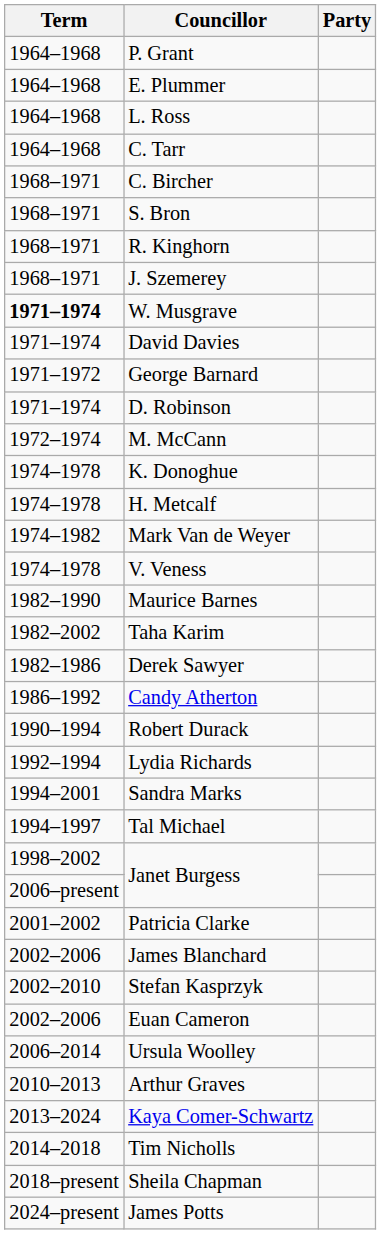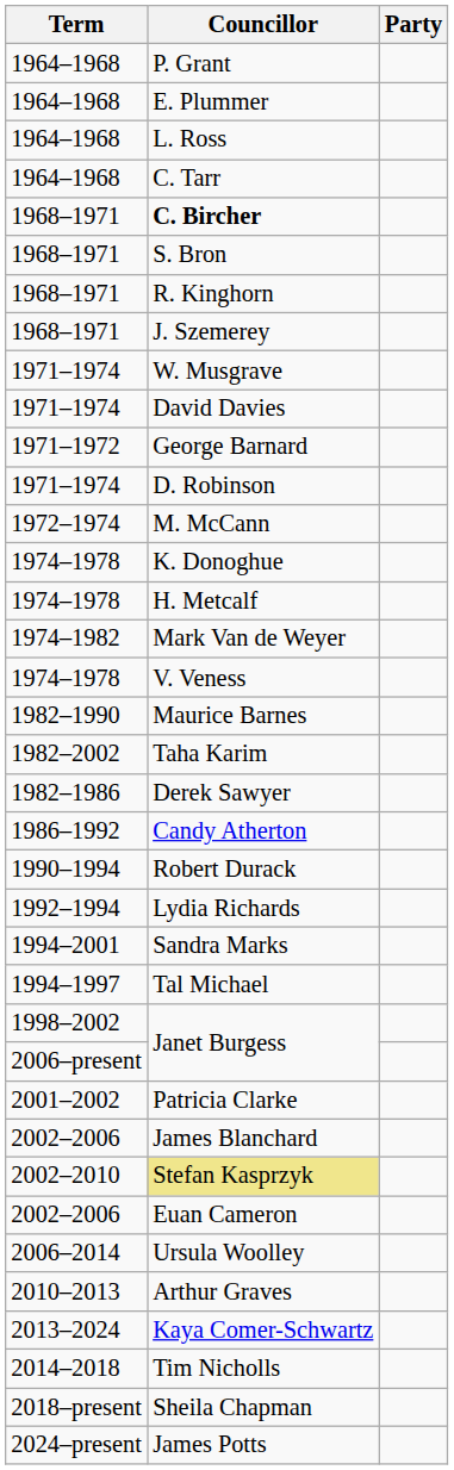 <table class="wikitable">
 <tr>
 <th>Term</th>
 <th>Councillor</th>
 <th colspan=2>Party</th>
 </tr>
 <tr>
 <td>1964–1968</td>
 <td>P. Grant</td>
 <td></td>
 </tr>
 <tr>
 <td>1964–1968</td>
 <td>E. Plummer</td>
 <td></td>
 </tr>
 <tr>
 <td>1964–1968</td>
 <td>L. Ross</td>
 <td></td>
 </tr>
 <tr>
 <td>1964–1968</td>
 <td>C. Tarr</td>
 <td></td>
 </tr>
 <tr>
 <td>1968–1971</td>
-<td>C. Bircher</td>
+<td><strong>C. Bircher</strong></td>
 <td></td>
 </tr>
 <tr>
 <td>1968–1971</td>
 <td>S. Bron</td>
 <td></td>
 </tr>
 <tr>
 <td>1968–1971</td>
 <td>R. Kinghorn</td>
 <td></td>
 </tr>
 <tr>
 <td>1968–1971</td>
 <td>J. Szemerey</td>
 <td></td>
 </tr>
 <tr>
-<td><strong>1971–1974</strong></td>
+<td>1971–1974</td>
 <td>W. Musgrave</td>
 <td></td>
 </tr>
 <tr>
 <td>1971–1974</td>
 <td>David Davies</td>
 <td></td>
 </tr>
 <tr>
 <td>1971–1972</td>
 <td>George Barnard</td>
 <td></td>
 </tr>
 <tr>
 <td>1971–1974</td>
 <td>D. Robinson</td>
 <td></td>
 </tr>
 <tr>
 <td>1972–1974</td>
 <td>M. McCann</td>
 <td></td>
 </tr>
 <tr>
 <td>1974–1978</td>
 <td>K. Donoghue</td>
 <td></td>
 </tr>
 <tr>
 <td>1974–1978</td>
 <td>H. Metcalf</td>
 <td></td>
 </tr>
 <tr>
 <td>1974–1982</td>
 <td>Mark Van de Weyer</td>
 <td></td>
 </tr>
 <tr>
 <td>1974–1978</td>
 <td>V. Veness</td>
 <td></td>
 </tr>
 <tr>
 <td>1982–1990</td>
 <td>Maurice Barnes</td>
 <td></td>
 </tr>
 <tr>
 <td>1982–2002</td>
 <td>Taha Karim</td>
 <td></td>
 </tr>
 <tr>
 <td>1982–1986</td>
 <td>Derek Sawyer</td>
 <td></td>
 </tr>
 <tr>
 <td>1986–1992</td>
 <td><a href='#'>Candy Atherton</a></td>
 <td></td>
 </tr>
 <tr>
 <td>1990–1994</td>
 <td>Robert Durack</td>
 <td></td>
 </tr>
 <tr>
 <td>1992–1994</td>
 <td>Lydia Richards</td>
 <td></td>
 </tr>
 <tr>
 <td>1994–2001</td>
 <td>Sandra Marks</td>
 <td></td>
 </tr>
 <tr>
 <td>1994–1997</td>
 <td>Tal Michael</td>
 <td></td>
 </tr>
 <tr>
 <td>1998–2002</td>
 <td rowspan=2>Janet Burgess</td>
 <td></td>
 </tr>
 <tr>
 <td>2006–present</td>
 <td></td>
 </tr>
 <tr>
 <td>2001–2002</td>
 <td>Patricia Clarke</td>
 <td></td>
 </tr>
 <tr>
 <td>2002–2006</td>
 <td>James Blanchard</td>
 <td></td>
 </tr>
 <tr>
 <td>2002–2010</td>
-<td>Stefan Kasprzyk</td>
+<td style="background: khaki;">Stefan Kasprzyk</td>
 <td></td>
 </tr>
 <tr>
 <td>2002–2006</td>
 <td>Euan Cameron</td>
 <td></td>
 </tr>
 <tr>
 <td>2006–2014</td>
 <td>Ursula Woolley</td>
 <td></td>
 </tr>
 <tr>
 <td>2010–2013</td>
 <td>Arthur Graves</td>
 <td></td>
 </tr>
 <tr>
 <td>2013–2024</td>
 <td><a href='#'>Kaya Comer-Schwartz</a></td>
 <td></td>
 </tr>
 <tr>
 <td>2014–2018</td>
 <td>Tim Nicholls</td>
 <td></td>
 </tr>
 <tr>
 <td>2018–present</td>
 <td>Sheila Chapman</td>
 <td></td>
 </tr>
 <tr>
 <td>2024–present</td>
 <td>James Potts</td>
 <td></td>
 </tr>
 </table>
